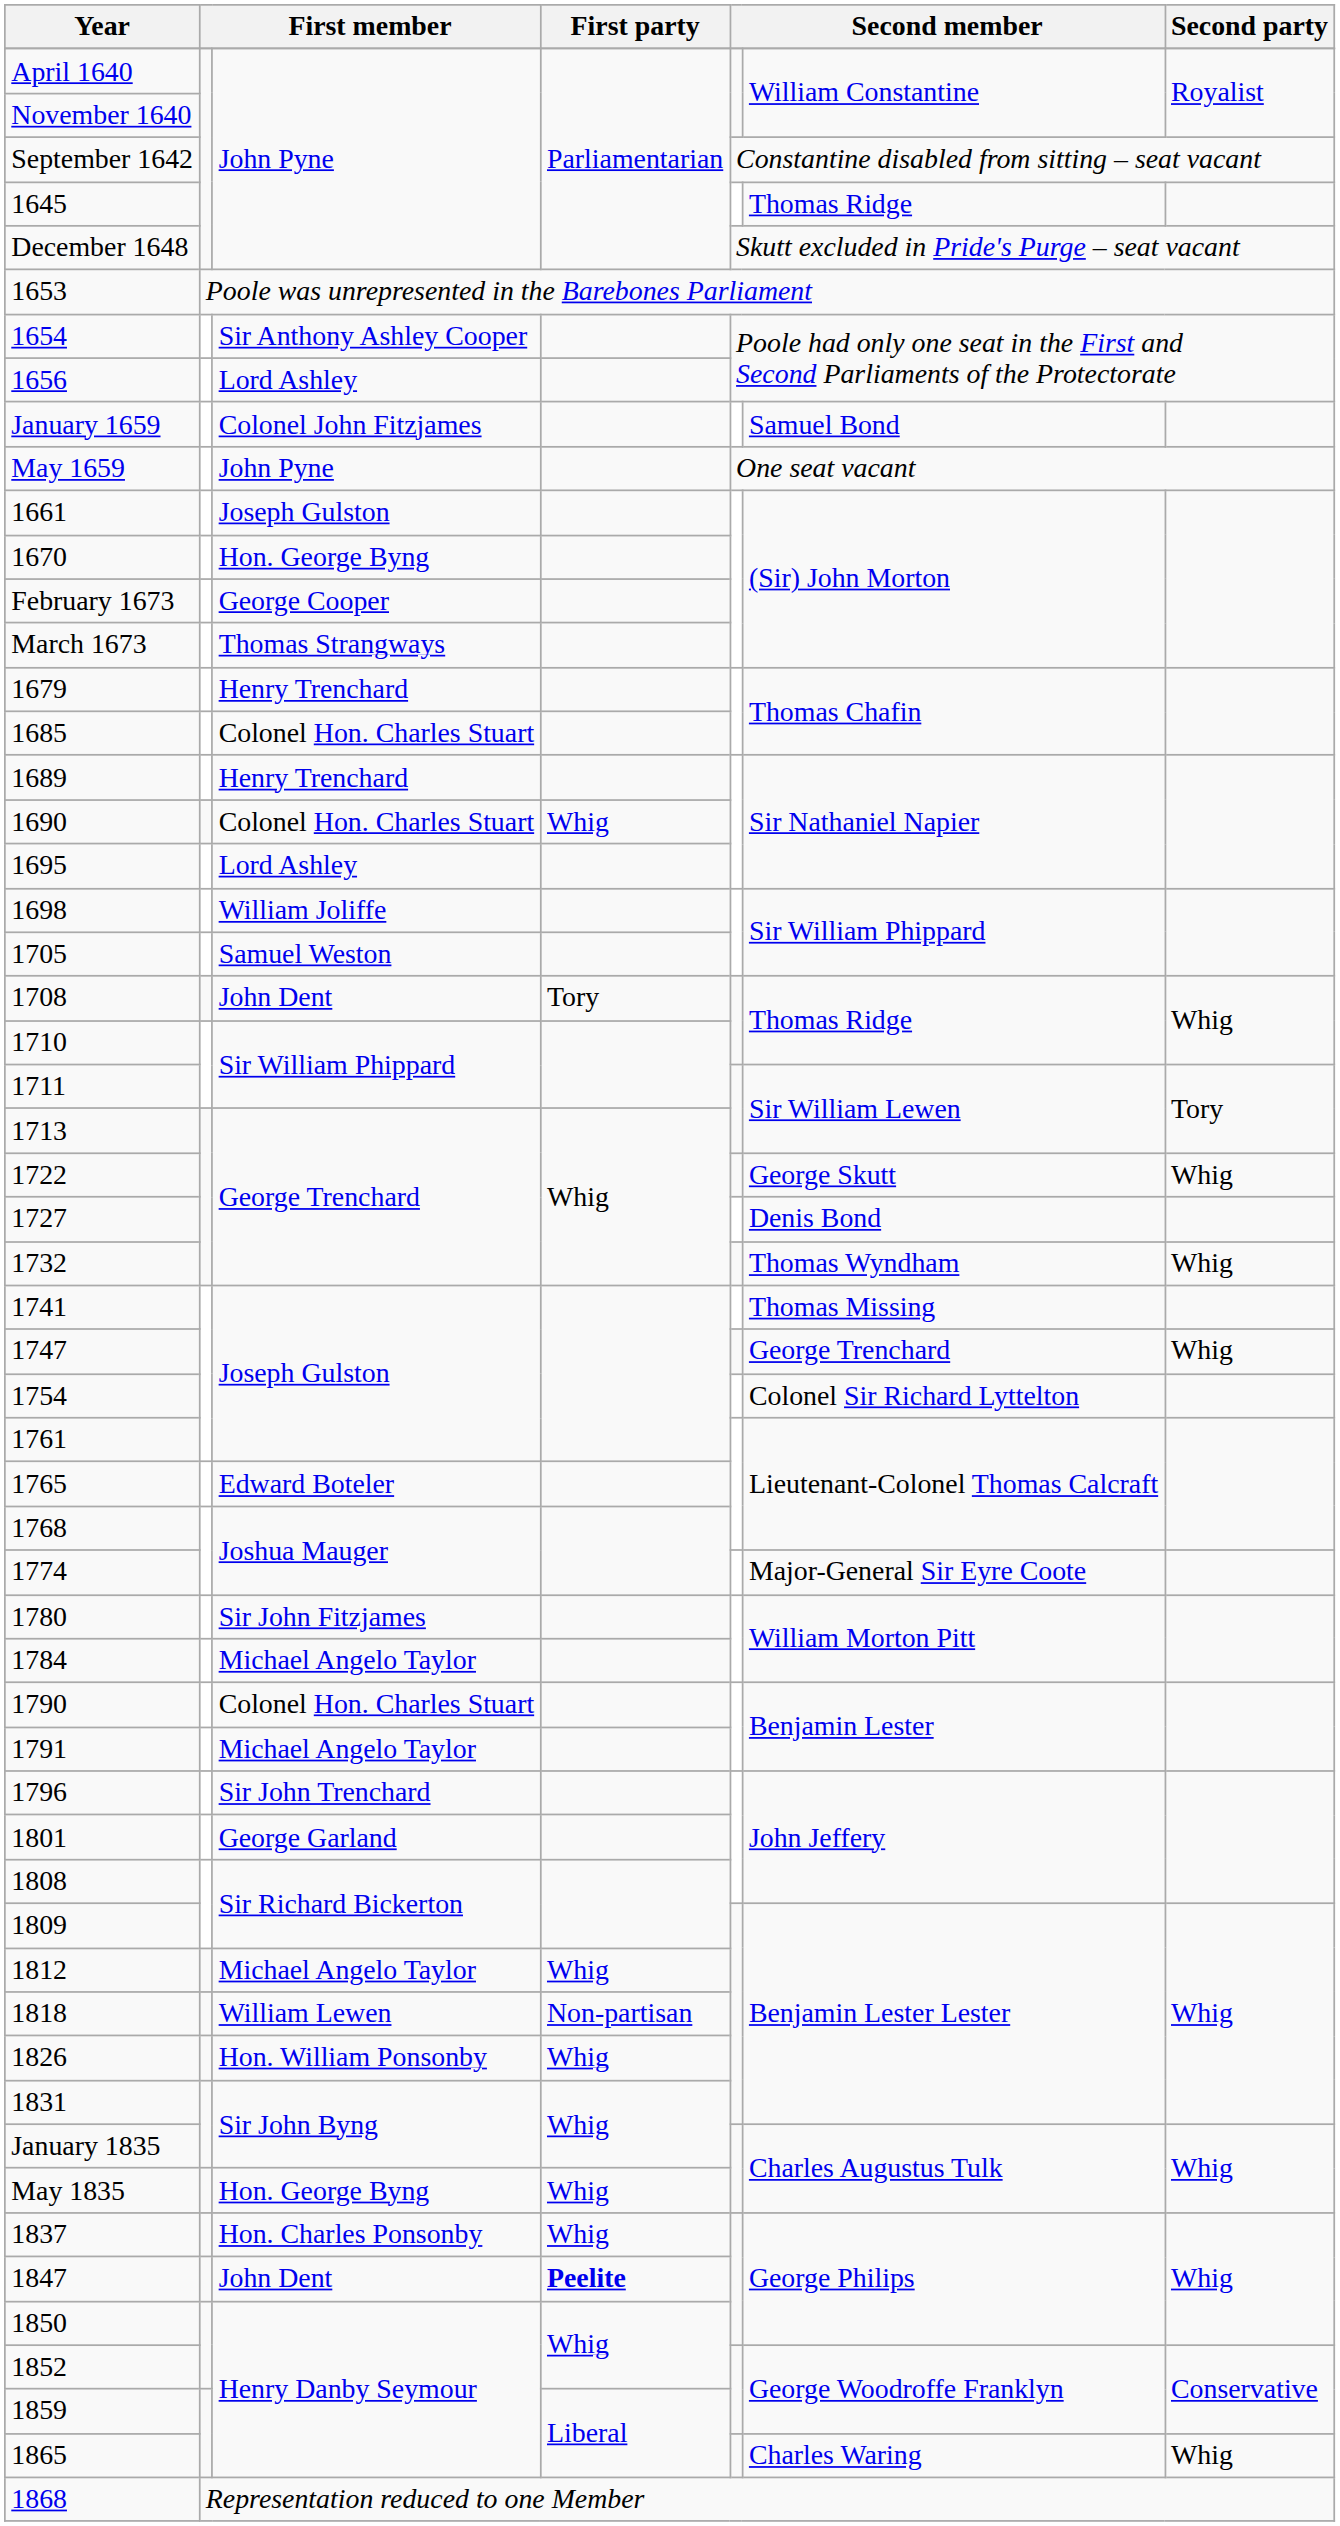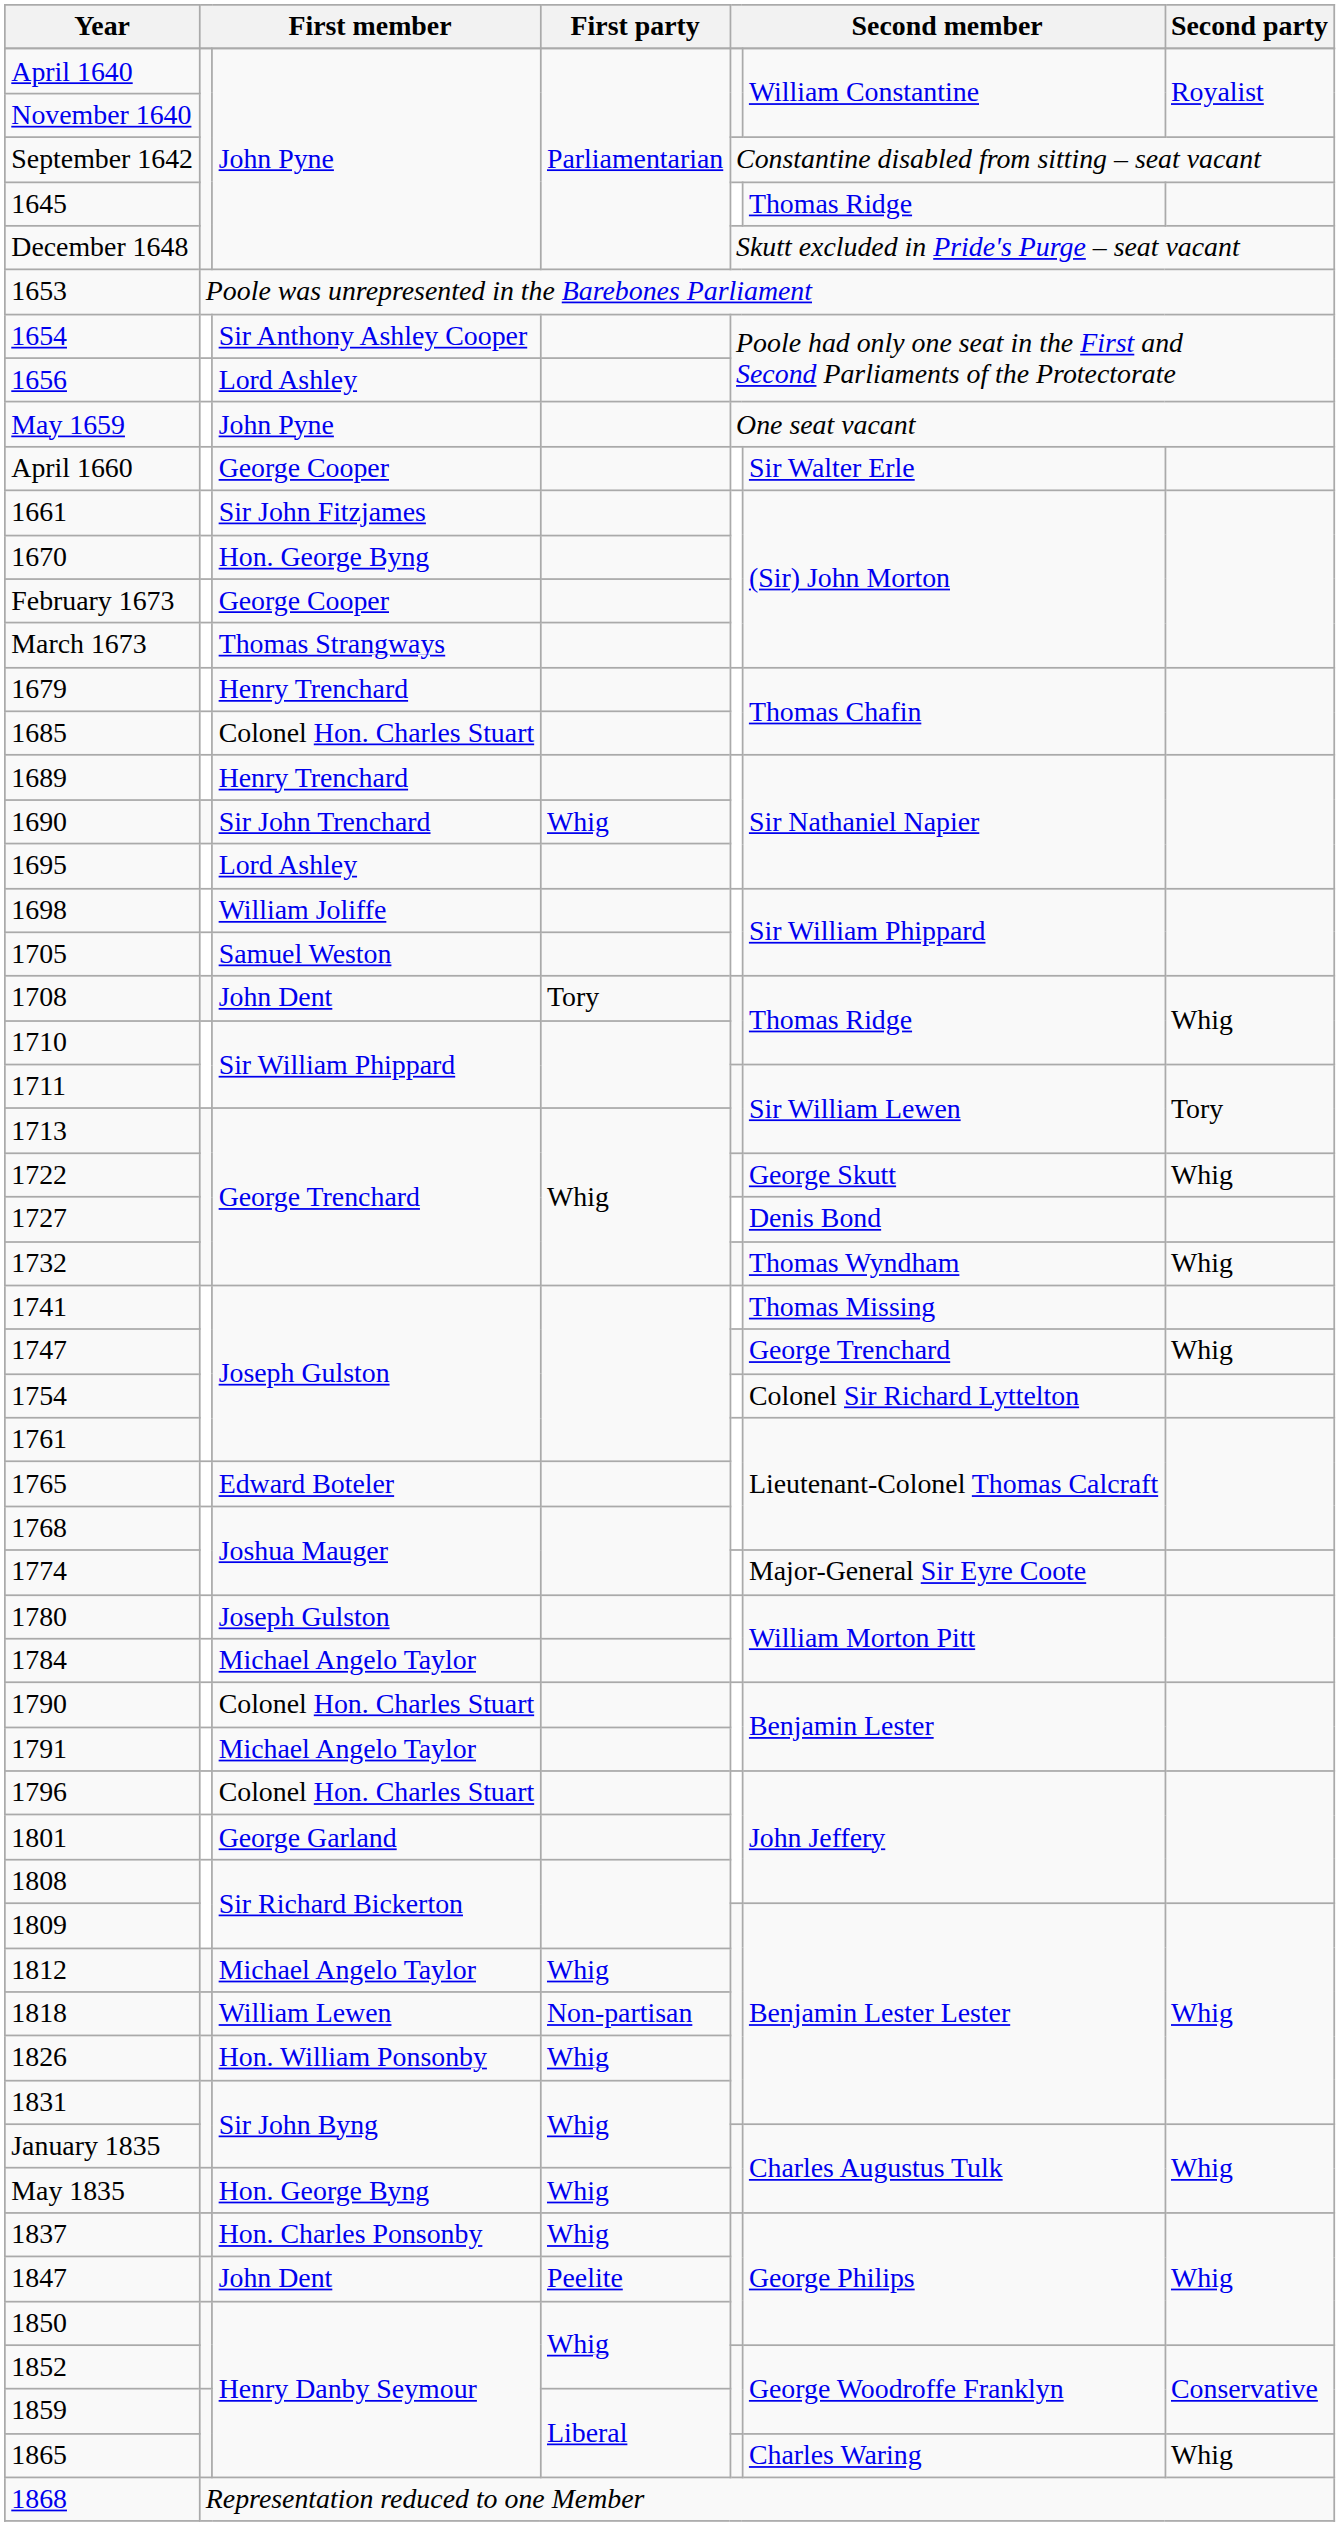 <table class="wikitable">
 <tr>
 <th>Year</th>
 <th colspan="2">First member</th>
 <th>First party</th>
 <th colspan="2">Second member</th>
 <th>Second party</th>
 </tr>
 <tr>
 </tr>
 <tr>
 <td><a href='#'>April 1640</a></td>
 <td rowspan="5" style="color:inherit;background-color: "></td>
 <td rowspan="5"><a href='#'>John Pyne</a></td>
 <td rowspan="5"><a href='#'>Parliamentarian</a></td>
 <td rowspan="2" style="color:inherit;background-color: "></td>
 <td rowspan="2"><a href='#'>William Constantine</a></td>
 <td rowspan="2"><a href='#'>Royalist</a></td>
 </tr>
 <tr>
 <td><a href='#'>November 1640</a></td>
 </tr>
 <tr>
 <td>September 1642</td>
 <td colspan="3"><em>Constantine disabled from sitting – seat vacant</em></td>
 </tr>
 <tr>
 <td>1645</td>
 <td style="color:inherit;background-color: white"></td>
 <td><a href='#'>Thomas Ridge</a></td>
 <td></td>
 </tr>
 <tr>
 <td>December 1648</td>
 <td colspan="3"><em>Skutt excluded in <a href='#'>Pride's Purge</a> – seat vacant</em></td>
 </tr>
 <tr>
 <td>1653</td>
 <td colspan="6"><em>Poole was unrepresented in the <a href='#'>Barebones Parliament</a></em></td>
 </tr>
 <tr>
 <td><a href='#'>1654</a></td>
 <td style="color:inherit;background-color: white"></td>
 <td><a href='#'>Sir Anthony Ashley Cooper</a></td>
 <td></td>
 <td rowspan="2" colspan="3"><em>Poole had only one seat in the <a href='#'>First</a> and <br><a href='#'>Second</a> Parliaments of the Protectorate</em></td>
 </tr>
 <tr>
 <td><a href='#'>1656</a></td>
 <td style="color:inherit;background-color: white"></td>
 <td><a href='#'>Lord Ashley</a></td>
 <td></td>
 </tr>
 <tr>
-<td><a href='#'>January 1659</a></td>
-<td style="color:inherit;background-color: white"></td>
-<td><a href='#'>Colonel John Fitzjames</a></td>
-<td></td>
-<td style="color:inherit;background-color: white"></td>
-<td><a href='#'>Samuel Bond</a></td>
-<td></td>
-</tr>
-<tr>
 <td><a href='#'>May 1659</a></td>
 <td style="color:inherit;background-color: white"></td>
 <td><a href='#'>John Pyne</a></td>
 <td></td>
 <td colspan="3"><em>One seat vacant</em></td>
 </tr>
 <tr>
+<td>April 1660</td>
+<td style="color:inherit;background-color: white"></td>
+<td><a href='#'>George Cooper</a></td>
+<td></td>
+<td style="color:inherit;background-color: white"></td>
+<td><a href='#'>Sir Walter Erle</a></td>
+<td></td>
+</tr>
+<tr>
 <td>1661</td>
 <td style="color:inherit;background-color: white"></td>
-<td><a href='#'>Joseph Gulston</a></td>
+<td><a href='#'>Sir John Fitzjames</a></td>
 <td></td>
 <td rowspan="4" style="color:inherit;background-color: white"></td>
 <td rowspan="4"><a href='#'>(Sir) John Morton</a></td>
 <td rowspan="4"></td>
 </tr>
 <tr>
 <td>1670</td>
 <td style="color:inherit;background-color: white"></td>
 <td><a href='#'>Hon. George Byng</a></td>
 <td></td>
 </tr>
 <tr>
 <td>February 1673</td>
 <td style="color:inherit;background-color: white"></td>
 <td><a href='#'>George Cooper</a></td>
 <td></td>
 </tr>
 <tr>
 <td>March 1673</td>
 <td style="color:inherit;background-color: white"></td>
 <td><a href='#'>Thomas Strangways</a></td>
 <td></td>
 </tr>
 <tr>
 <td>1679</td>
 <td style="color:inherit;background-color: white"></td>
 <td><a href='#'>Henry Trenchard</a></td>
 <td></td>
 <td rowspan="2" style="color:inherit;background-color: white"></td>
 <td rowspan="2"><a href='#'>Thomas Chafin</a></td>
 <td rowspan="2"></td>
 </tr>
 <tr>
 <td>1685</td>
 <td style="color:inherit;background-color: white"></td>
 <td>Colonel <a href='#'>Hon. Charles Stuart</a></td>
 <td></td>
 </tr>
 <tr>
 <td>1689</td>
 <td style="color:inherit;background-color: white"></td>
 <td><a href='#'>Henry Trenchard</a></td>
 <td></td>
 <td rowspan="3" style="color:inherit;background-color: white"></td>
 <td rowspan="3"><a href='#'>Sir Nathaniel Napier</a></td>
 <td rowspan="3"></td>
 </tr>
 <tr>
 <td>1690</td>
 <td style="color:inherit;background-color: "></td>
-<td>Colonel <a href='#'>Hon. Charles Stuart</a></td>
+<td><a href='#'>Sir John Trenchard</a></td>
 <td><a href='#'>Whig</a></td>
 </tr>
 <tr>
 <td>1695</td>
 <td style="color:inherit;background-color: white"></td>
 <td><a href='#'>Lord Ashley</a></td>
 <td></td>
 </tr>
 <tr>
 <td>1698</td>
 <td style="color:inherit;background-color: white"></td>
 <td><a href='#'>William Joliffe</a></td>
 <td></td>
 <td rowspan="2" style="color:inherit;background-color: white"></td>
 <td rowspan="2"><a href='#'>Sir William Phippard</a></td>
 <td rowspan="2"></td>
 </tr>
 <tr>
 <td>1705</td>
 <td style="color:inherit;background-color: white"></td>
 <td><a href='#'>Samuel Weston</a></td>
 <td></td>
 </tr>
 <tr>
 <td>1708</td>
 <td style="color:inherit;background-color: "></td>
 <td><a href='#'>John Dent</a></td>
 <td>Tory</td>
 <td rowspan="2" style="color:inherit;background-color: "></td>
 <td rowspan="2"><a href='#'>Thomas Ridge</a></td>
 <td rowspan="2">Whig</td>
 </tr>
 <tr>
 <td>1710</td>
 <td rowspan="2" style="color:inherit;background-color: white"></td>
 <td rowspan="2"><a href='#'>Sir William Phippard</a></td>
 <td rowspan="2"></td>
 </tr>
 <tr>
 <td>1711</td>
 <td rowspan="2" style="color:inherit;background-color: "></td>
 <td rowspan="2"><a href='#'>Sir William Lewen</a></td>
 <td rowspan="2">Tory</td>
 </tr>
 <tr>
 <td>1713</td>
 <td rowspan="4" style="color:inherit;background-color: "></td>
 <td rowspan="4"><a href='#'>George Trenchard</a></td>
 <td rowspan="4">Whig</td>
 </tr>
 <tr>
 <td>1722</td>
 <td style="color:inherit;background-color: "></td>
 <td><a href='#'>George Skutt</a></td>
 <td>Whig</td>
 </tr>
 <tr>
 <td>1727</td>
 <td style="color:inherit;background-color: white"></td>
 <td><a href='#'>Denis Bond</a></td>
 <td></td>
 </tr>
 <tr>
 <td>1732</td>
 <td style="color:inherit;background-color: "></td>
 <td><a href='#'>Thomas Wyndham</a></td>
 <td>Whig</td>
 </tr>
 <tr>
 <td>1741</td>
 <td rowspan="4" style="color:inherit;background-color: white"></td>
 <td rowspan="4"><a href='#'>Joseph Gulston</a></td>
 <td rowspan="4"></td>
 <td style="color:inherit;background-color: white"></td>
 <td><a href='#'>Thomas Missing</a></td>
 <td></td>
 </tr>
 <tr>
 <td>1747</td>
 <td style="color:inherit;background-color: "></td>
 <td><a href='#'>George Trenchard</a></td>
 <td>Whig</td>
 </tr>
 <tr>
 <td>1754</td>
 <td style="color:inherit;background-color: white"></td>
 <td>Colonel <a href='#'>Sir Richard Lyttelton</a></td>
 <td></td>
 </tr>
 <tr>
 <td>1761</td>
 <td rowspan="3" style="color:inherit;background-color: white"></td>
 <td rowspan="3">Lieutenant-Colonel <a href='#'>Thomas Calcraft</a></td>
 <td rowspan="3"></td>
 </tr>
 <tr>
 <td>1765</td>
 <td style="color:inherit;background-color: white"></td>
 <td><a href='#'>Edward Boteler</a></td>
 <td></td>
 </tr>
 <tr>
 <td>1768</td>
 <td rowspan="2" style="color:inherit;background-color: white"></td>
 <td rowspan="2"><a href='#'>Joshua Mauger</a></td>
 <td rowspan="2"></td>
 </tr>
 <tr>
 <td>1774</td>
 <td style="color:inherit;background-color: white"></td>
 <td>Major-General <a href='#'>Sir Eyre Coote</a></td>
 <td></td>
 </tr>
 <tr>
 <td>1780</td>
 <td style="color:inherit;background-color: white"></td>
-<td><a href='#'>Sir John Fitzjames</a></td>
+<td><a href='#'>Joseph Gulston</a></td>
 <td></td>
 <td rowspan="2" style="color:inherit;background-color: white"></td>
 <td rowspan="2"><a href='#'>William Morton Pitt</a></td>
 <td rowspan="2"></td>
 </tr>
 <tr>
 <td>1784</td>
 <td style="color:inherit;background-color: white"></td>
 <td><a href='#'>Michael Angelo Taylor</a></td>
 <td></td>
 </tr>
 <tr>
 <td>1790</td>
 <td style="color:inherit;background-color: white"></td>
 <td>Colonel <a href='#'>Hon. Charles Stuart</a></td>
 <td></td>
 <td rowspan="2" style="color:inherit;background-color: white"></td>
 <td rowspan="2"><a href='#'>Benjamin Lester</a></td>
 <td rowspan="2"></td>
 </tr>
 <tr>
 <td>1791</td>
 <td style="color:inherit;background-color: white"></td>
 <td><a href='#'>Michael Angelo Taylor</a></td>
 <td></td>
 </tr>
 <tr>
 <td>1796</td>
 <td style="color:inherit;background-color: white"></td>
-<td><a href='#'>Sir John Trenchard</a></td>
+<td>Colonel <a href='#'>Hon. Charles Stuart</a></td>
 <td></td>
 <td rowspan="3" style="color:inherit;background-color: white"></td>
 <td rowspan="3"><a href='#'>John Jeffery</a></td>
 <td rowspan="3"></td>
 </tr>
 <tr>
 <td>1801</td>
 <td style="color:inherit;background-color: white"></td>
 <td><a href='#'>George Garland</a></td>
 <td></td>
 </tr>
 <tr>
 <td>1808</td>
 <td rowspan="2" style="color:inherit;background-color: white"></td>
 <td rowspan="2"><a href='#'>Sir Richard Bickerton</a></td>
 <td rowspan="2"></td>
 </tr>
 <tr>
 <td>1809</td>
 <td rowspan="5" style="color:inherit;background-color: "></td>
 <td rowspan="5"><a href='#'>Benjamin Lester Lester</a></td>
 <td rowspan="5"><a href='#'>Whig</a></td>
 </tr>
 <tr>
 <td>1812</td>
 <td style="color:inherit;background-color: "></td>
 <td><a href='#'>Michael Angelo Taylor</a></td>
 <td><a href='#'>Whig</a></td>
 </tr>
 <tr>
 <td>1818</td>
 <td style="color:inherit;background-color: "></td>
 <td><a href='#'>William Lewen</a></td>
 <td><a href='#'>Non-partisan</a></td>
 </tr>
 <tr>
 <td>1826</td>
 <td style="color:inherit;background-color: "></td>
 <td><a href='#'>Hon. William Ponsonby</a></td>
 <td><a href='#'>Whig</a></td>
 </tr>
 <tr>
 <td>1831</td>
 <td rowspan="2" style="color:inherit;background-color: "></td>
 <td rowspan="2"><a href='#'>Sir John Byng</a></td>
 <td rowspan="2"><a href='#'>Whig</a></td>
 </tr>
 <tr>
 <td>January 1835</td>
 <td rowspan="2" style="color:inherit;background-color: "></td>
 <td rowspan="2"><a href='#'>Charles Augustus Tulk</a></td>
 <td rowspan="2"><a href='#'>Whig</a></td>
 </tr>
 <tr>
 <td>May 1835</td>
 <td style="color:inherit;background-color: "></td>
 <td><a href='#'>Hon. George Byng</a></td>
 <td><a href='#'>Whig</a></td>
 </tr>
 <tr>
 <td>1837</td>
 <td style="color:inherit;background-color: "></td>
 <td><a href='#'>Hon. Charles Ponsonby</a></td>
 <td><a href='#'>Whig</a></td>
 <td rowspan="3" style="color:inherit;background-color: "></td>
 <td rowspan="3"><a href='#'>George Philips</a></td>
 <td rowspan="3"><a href='#'>Whig</a></td>
 </tr>
 <tr>
 <td>1847</td>
 <td style="color:inherit;background-color: "></td>
 <td><a href='#'>John Dent</a></td>
-<td><strong><a href='#'>Peelite</a></strong></td>
+<td><a href='#'>Peelite</a></td>
 </tr>
 <tr>
 <td>1850</td>
 <td rowspan="2" style="color:inherit;background-color: "></td>
 <td rowspan="4"><a href='#'>Henry Danby Seymour</a></td>
 <td rowspan="2"><a href='#'>Whig</a></td>
 </tr>
 <tr>
 <td>1852</td>
 <td rowspan="2" style="color:inherit;background-color: "></td>
 <td rowspan="2"><a href='#'>George Woodroffe Franklyn</a></td>
 <td rowspan="2"><a href='#'>Conservative</a></td>
 </tr>
 <tr>
 <td>1859</td>
 <td rowspan="2" style="color:inherit;background-color: "></td>
 <td rowspan="2"><a href='#'>Liberal</a></td>
 </tr>
 <tr>
 <td>1865</td>
 <td style="color:inherit;background-color: "></td>
 <td><a href='#'>Charles Waring</a></td>
 <td>Whig</td>
 </tr>
 <tr>
 <td><a href='#'>1868</a></td>
 <td colspan="6"><em>Representation reduced to one Member</em></td>
 </tr>
 </table>
